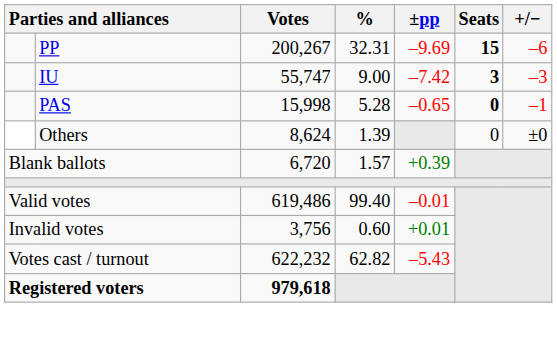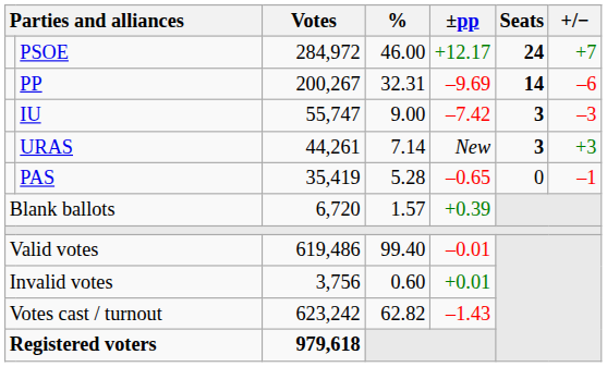 <table class="wikitable" style="text-align:right;">
 <tr>
 <th style="text-align:left;" colspan="2" width="200">Parties and alliances</th>
 <th width="75">Votes</th>
 <th width="45">%</th>
 <th width="45">±<a href='#'>pp</a></th>
 <th width="35">Seats</th>
 <th width="35">+/−</th>
 </tr>
 <tr>
+<td width="1" style="color:inherit;background:"></td>
+<td align="left"><a href='#'>PSOE</a></td>
+<td>284,972</td>
+<td>46.00</td>
+<td style="color:green;">+12.17</td>
+<td><strong>24</strong></td>
+<td style="color:green;">+7</td>
+</tr>
+<tr>
 <td style="color:inherit;background:"></td>
 <td align="left"><a href='#'>PP</a></td>
 <td>200,267</td>
 <td>32.31</td>
 <td style="color:red;">–9.69</td>
-<td><strong>15</strong></td>
+<td><strong>14</strong></td>
 <td style="color:red;">–6</td>
 </tr>
 <tr>
 <td style="color:inherit;background:"></td>
 <td align="left"><a href='#'>IU</a></td>
 <td>55,747</td>
 <td>9.00</td>
 <td style="color:red;">–7.42</td>
 <td><strong>3</strong></td>
 <td style="color:red;">–3</td>
 </tr>
 <tr>
 <td style="color:inherit;background:"></td>
+<td align="left"><a href='#'>URAS</a></td>
+<td>44,261</td>
+<td>7.14</td>
+<td><em>New</em></td>
+<td><strong>3</strong></td>
+<td style="color:green;">+3</td>
+</tr>
+<tr>
+<td style="color:inherit;background:"></td>
 <td align="left"><a href='#'>PAS</a></td>
-<td>15,998</td>
+<td>35,419</td>
 <td>5.28</td>
 <td style="color:red;">–0.65</td>
-<td><strong>0</strong></td>
+<td>0</td>
 <td style="color:red;">–1</td>
-</tr>
-<tr>
-<td bgcolor="white"></td>
-<td align="left">Others</td>
-<td>8,624</td>
-<td>1.39</td>
-<td bgcolor="#E9E9E9"></td>
-<td>0</td>
-<td>±0</td>
 </tr>
 <tr>
 <td align="left" colspan="2">Blank ballots</td>
 <td>6,720</td>
 <td>1.57</td>
 <td style="color:green;">+0.39</td>
 <td bgcolor="#E9E9E9" colspan="2"></td>
 </tr>
 <tr>
 <td colspan="7" bgcolor="#E9E9E9"></td>
 </tr>
 <tr>
 <td align="left" colspan="2">Valid votes</td>
 <td>619,486</td>
 <td>99.40</td>
 <td style="color:red;">–0.01</td>
 <td bgcolor="#E9E9E9" colspan="2" rowspan="4"></td>
 </tr>
 <tr>
 <td align="left" colspan="2">Invalid votes</td>
 <td>3,756</td>
 <td>0.60</td>
 <td style="color:green;">+0.01</td>
 </tr>
 <tr>
 <td align="left" colspan="2">Votes cast / turnout</td>
-<td>622,232</td>
+<td>623,242</td>
 <td>62.82</td>
-<td style="color:red;">–5.43</td>
+<td style="color:red;">–1.43</td>
 </tr>
 <tr style="font-weight:bold;">
 <td align="left" colspan="2">Registered voters</td>
 <td>979,618</td>
 <td bgcolor="#E9E9E9" colspan="2"></td>
 </tr>
 </table>
